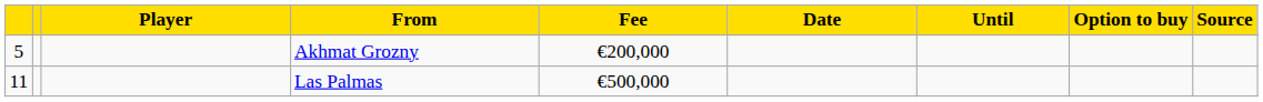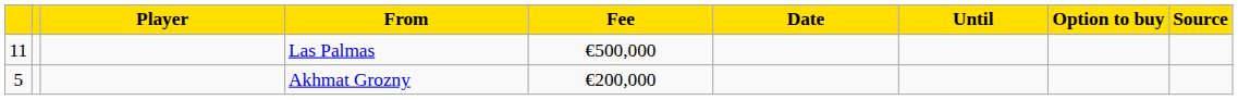 <table class="wikitable sortable">
 <tr>
 <th style="background:#FFDE00"></th>
 <th style="background:#FFDE00"></th>
 <th width=200 style="background:#FFDE00">Player</th>
 <th width=200 style="background:#FFDE00">From</th>
 <th width=150 style="background:#FFDE00">Fee</th>
 <th width=150 style="background:#FFDE00">Date</th>
 <th width=120 style="background:#FFDE00">Until</th>
 <th style="background:#FFDE00">Option to buy</th>
 <th style="background:#FFDE00">Source</th>
 </tr>
 <tr>
+<td align=center>11</td>
+<td align=center></td>
+<td></td>
+<td> <a href='#'>Las Palmas</a></td>
+<td align=center>€500,000</td>
+<td align=center></td>
+<td align=center></td>
+<td align=center></td>
+<td align=center></td>
+</tr>
+<tr>
 <td align=center>5</td>
 <td align=center></td>
 <td></td>
 <td> <a href='#'>Akhmat Grozny</a></td>
 <td align=center>€200,000</td>
 <td align=center></td>
 <td align=center></td>
 <td align=center></td>
 <td align=center></td>
 </tr>
-<tr>
-<td align=center>11</td>
-<td align=center></td>
-<td></td>
-<td> <a href='#'>Las Palmas</a></td>
-<td align=center>€500,000</td>
-<td align=center></td>
-<td align=center></td>
-<td align=center></td>
-<td align=center></td>
-</tr>
 </table>
